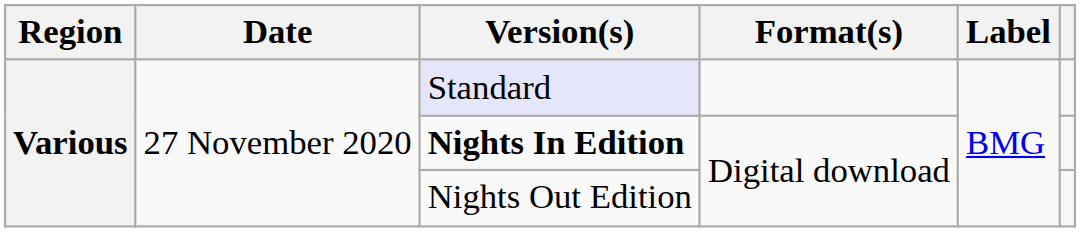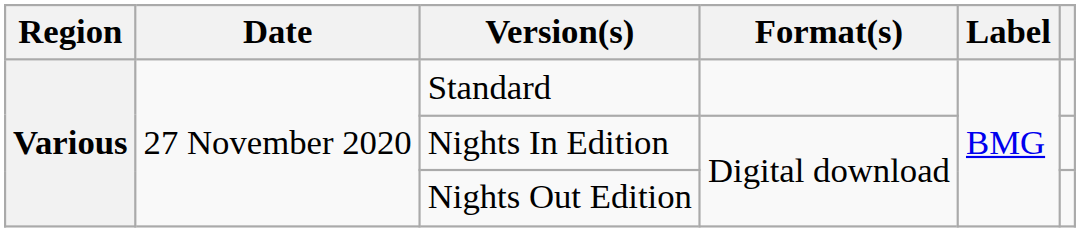 <table class="wikitable plainrowheaders">
 <tr>
 <th scope="col">Region</th>
 <th scope="col">Date</th>
 <th scope="col">Version(s)</th>
 <th scope="col">Format(s)</th>
 <th scope="col">Label</th>
 <th scope="col"></th>
 </tr>
 <tr>
 <th scope="row" rowspan="32">Various</th>
 <td rowspan="3">27 November 2020</td>
-<td style="background: lavender;">Standard</td>
+<td>Standard</td>
 <td></td>
 <td rowspan="3"><a href='#'>BMG</a></td>
 <td style="text-align:center;"></td>
 </tr>
 <tr>
-<td><strong>Nights In Edition</strong></td>
+<td>Nights In Edition</td>
 <td rowspan="2">Digital download</td>
 <td style="text-align:center;"></td>
 </tr>
 <tr>
 <td>Nights Out Edition</td>
 <td style="text-align:center;"></td>
 </tr>
 </table>
